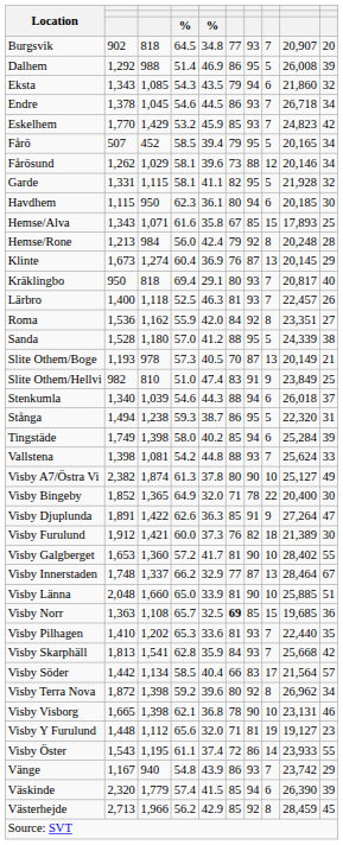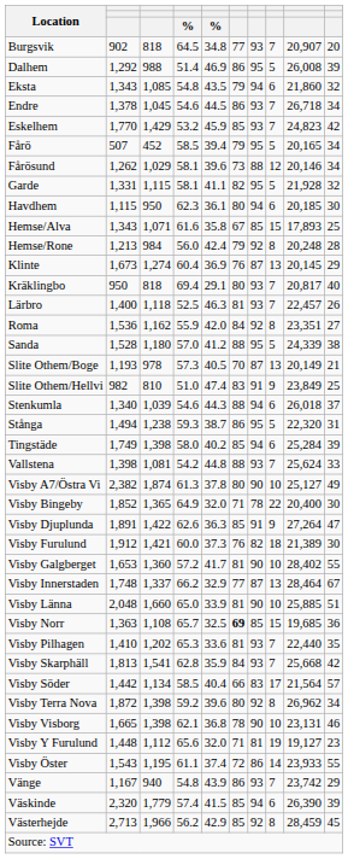 <table role="presentation" class="wikitable sortable mw-collapsible mw-collapsed">
 <tr>
 <th rowspan="3">Location</th>
 <th></th>
 <th></th>
 <th></th>
 <th></th>
 <th></th>
 <th></th>
 <th></th>
 <th></th>
 <th></th>
 </tr>
 <tr>
 <th></th>
 <th></th>
 <th style="background:"></th>
 <th style="background:"></th>
 <th></th>
 <th></th>
 <th></th>
 <th></th>
 <th></th>
 </tr>
 <tr>
 <th data-sort-type="number"></th>
 <th data-sort-type="number"></th>
 <th data-sort-type="number">%</th>
 <th data-sort-type="number">%</th>
 <th data-sort-type="number"></th>
 <th data-sort-type="number"></th>
 <th data-sort-type="number"></th>
 <th data-sort-type="number"></th>
 <th data-sort-type="number"></th>
 </tr>
 <tr>
 <td align="left">Burgsvik</td>
 <td>902</td>
 <td>818</td>
 <td>64.5</td>
 <td>34.8</td>
 <td>77</td>
 <td>93</td>
 <td>7</td>
 <td>20,907</td>
 <td>20</td>
 </tr>
 <tr>
 <td align="left">Dalhem</td>
 <td>1,292</td>
 <td>988</td>
 <td>51.4</td>
 <td>46.9</td>
 <td>86</td>
 <td>95</td>
 <td>5</td>
 <td>26,008</td>
 <td>39</td>
 </tr>
 <tr>
 <td align="left">Eksta</td>
 <td>1,343</td>
 <td>1,085</td>
-<td>54.3</td>
+<td>54.8</td>
 <td>43.5</td>
 <td>79</td>
 <td>94</td>
 <td>6</td>
 <td>21,860</td>
 <td>32</td>
 </tr>
 <tr>
 <td align="left">Endre</td>
 <td>1,378</td>
 <td>1,045</td>
 <td>54.6</td>
 <td>44.5</td>
 <td>86</td>
 <td>93</td>
 <td>7</td>
 <td>26,718</td>
 <td>34</td>
 </tr>
 <tr>
 <td align="left">Eskelhem</td>
 <td>1,770</td>
 <td>1,429</td>
 <td>53.2</td>
 <td>45.9</td>
 <td>85</td>
 <td>93</td>
 <td>7</td>
 <td>24,823</td>
 <td>42</td>
 </tr>
 <tr>
 <td align="left">Fårö</td>
 <td>507</td>
 <td>452</td>
 <td>58.5</td>
 <td>39.4</td>
 <td>79</td>
 <td>95</td>
 <td>5</td>
 <td>20,165</td>
 <td>34</td>
 </tr>
 <tr>
 <td align="left">Fårösund</td>
 <td>1,262</td>
 <td>1,029</td>
 <td>58.1</td>
 <td>39.6</td>
 <td>73</td>
 <td>88</td>
 <td>12</td>
 <td>20,146</td>
 <td>34</td>
 </tr>
 <tr>
 <td align="left">Garde</td>
 <td>1,331</td>
 <td>1,115</td>
 <td>58.1</td>
 <td>41.1</td>
 <td>82</td>
 <td>95</td>
 <td>5</td>
 <td>21,928</td>
 <td>32</td>
 </tr>
 <tr>
 <td align="left">Havdhem</td>
 <td>1,115</td>
 <td>950</td>
 <td>62.3</td>
 <td>36.1</td>
 <td>80</td>
 <td>94</td>
 <td>6</td>
 <td>20,185</td>
 <td>30</td>
 </tr>
 <tr>
 <td align="left">Hemse/Alva</td>
 <td>1,343</td>
 <td>1,071</td>
 <td>61.6</td>
 <td>35.8</td>
 <td>67</td>
 <td>85</td>
 <td>15</td>
 <td>17,893</td>
 <td>25</td>
 </tr>
 <tr>
 <td align="left">Hemse/Rone</td>
 <td>1,213</td>
 <td>984</td>
 <td>56.0</td>
 <td>42.4</td>
 <td>79</td>
 <td>92</td>
 <td>8</td>
 <td>20,248</td>
 <td>28</td>
 </tr>
 <tr>
 <td align="left">Klinte</td>
 <td>1,673</td>
 <td>1,274</td>
 <td>60.4</td>
 <td>36.9</td>
 <td>76</td>
 <td>87</td>
 <td>13</td>
 <td>20,145</td>
 <td>29</td>
 </tr>
 <tr>
 <td align="left">Kräklingbo</td>
 <td>950</td>
 <td>818</td>
 <td>69.4</td>
 <td>29.1</td>
 <td>80</td>
 <td>93</td>
 <td>7</td>
 <td>20,817</td>
 <td>40</td>
 </tr>
 <tr>
 <td align="left">Lärbro</td>
 <td>1,400</td>
 <td>1,118</td>
 <td>52.5</td>
 <td>46.3</td>
 <td>81</td>
 <td>93</td>
 <td>7</td>
 <td>22,457</td>
 <td>26</td>
 </tr>
 <tr>
 <td align="left">Roma</td>
 <td>1,536</td>
 <td>1,162</td>
 <td>55.9</td>
 <td>42.0</td>
 <td>84</td>
 <td>92</td>
 <td>8</td>
 <td>23,351</td>
 <td>27</td>
 </tr>
 <tr>
 <td align="left">Sanda</td>
 <td>1,528</td>
 <td>1,180</td>
 <td>57.0</td>
 <td>41.2</td>
 <td>88</td>
 <td>95</td>
 <td>5</td>
 <td>24,339</td>
 <td>38</td>
 </tr>
 <tr>
 <td align="left">Slite Othem/Boge</td>
 <td>1,193</td>
 <td>978</td>
 <td>57.3</td>
 <td>40.5</td>
 <td>70</td>
 <td>87</td>
 <td>13</td>
 <td>20,149</td>
 <td>21</td>
 </tr>
 <tr>
 <td align="left">Slite Othem/Hellvi</td>
 <td>982</td>
 <td>810</td>
 <td>51.0</td>
 <td>47.4</td>
 <td>83</td>
 <td>91</td>
 <td>9</td>
 <td>23,849</td>
 <td>25</td>
 </tr>
 <tr>
 <td align="left">Stenkumla</td>
 <td>1,340</td>
 <td>1,039</td>
 <td>54.6</td>
 <td>44.3</td>
 <td>88</td>
 <td>94</td>
 <td>6</td>
 <td>26,018</td>
 <td>37</td>
 </tr>
 <tr>
 <td align="left">Stånga</td>
 <td>1,494</td>
 <td>1,238</td>
 <td>59.3</td>
 <td>38.7</td>
 <td>86</td>
 <td>95</td>
 <td>5</td>
 <td>22,320</td>
 <td>31</td>
 </tr>
 <tr>
 <td align="left">Tingstäde</td>
 <td>1,749</td>
 <td>1,398</td>
 <td>58.0</td>
 <td>40.2</td>
 <td>85</td>
 <td>94</td>
 <td>6</td>
 <td>25,284</td>
 <td>39</td>
 </tr>
 <tr>
 <td align="left">Vallstena</td>
 <td>1,398</td>
 <td>1,081</td>
 <td>54.2</td>
 <td>44.8</td>
 <td>88</td>
 <td>93</td>
 <td>7</td>
 <td>25,624</td>
 <td>33</td>
 </tr>
 <tr>
 <td align="left">Visby A7/Östra Vi</td>
 <td>2,382</td>
 <td>1,874</td>
 <td>61.3</td>
 <td>37.8</td>
 <td>80</td>
 <td>90</td>
 <td>10</td>
 <td>25,127</td>
 <td>49</td>
 </tr>
 <tr>
 <td align="left">Visby Bingeby</td>
 <td>1,852</td>
 <td>1,365</td>
 <td>64.9</td>
 <td>32.0</td>
 <td>71</td>
 <td>78</td>
 <td>22</td>
 <td>20,400</td>
 <td>30</td>
 </tr>
 <tr>
 <td align="left">Visby Djuplunda</td>
 <td>1,891</td>
 <td>1,422</td>
 <td>62.6</td>
 <td>36.3</td>
 <td>85</td>
 <td>91</td>
 <td>9</td>
 <td>27,264</td>
 <td>47</td>
 </tr>
 <tr>
 <td align="left">Visby Furulund</td>
 <td>1,912</td>
 <td>1,421</td>
 <td>60.0</td>
 <td>37.3</td>
 <td>76</td>
 <td>82</td>
 <td>18</td>
 <td>21,389</td>
 <td>30</td>
 </tr>
 <tr>
 <td align="left">Visby Galgberget</td>
 <td>1,653</td>
 <td>1,360</td>
 <td>57.2</td>
 <td>41.7</td>
 <td>81</td>
 <td>90</td>
 <td>10</td>
 <td>28,402</td>
 <td>55</td>
 </tr>
 <tr>
 <td align="left">Visby Innerstaden</td>
 <td>1,748</td>
 <td>1,337</td>
 <td>66.2</td>
 <td>32.9</td>
 <td>77</td>
 <td>87</td>
 <td>13</td>
 <td>28,464</td>
 <td>67</td>
 </tr>
 <tr>
 <td align="left">Visby Länna</td>
 <td>2,048</td>
 <td>1,660</td>
 <td>65.0</td>
 <td>33.9</td>
 <td>81</td>
 <td>90</td>
 <td>10</td>
 <td>25,885</td>
 <td>51</td>
 </tr>
 <tr>
 <td align="left">Visby Norr</td>
 <td>1,363</td>
 <td>1,108</td>
 <td>65.7</td>
 <td>32.5</td>
 <td><strong>69</strong></td>
 <td>85</td>
 <td>15</td>
 <td>19,685</td>
 <td>36</td>
 </tr>
 <tr>
 <td align="left">Visby Pilhagen</td>
 <td>1,410</td>
 <td>1,202</td>
 <td>65.3</td>
 <td>33.6</td>
 <td>81</td>
 <td>93</td>
 <td>7</td>
 <td>22,440</td>
 <td>35</td>
 </tr>
 <tr>
 <td align="left">Visby Skarphäll</td>
 <td>1,813</td>
 <td>1,541</td>
 <td>62.8</td>
 <td>35.9</td>
 <td>84</td>
 <td>93</td>
 <td>7</td>
 <td>25,668</td>
 <td>42</td>
 </tr>
 <tr>
 <td align="left">Visby Söder</td>
 <td>1,442</td>
 <td>1,134</td>
 <td>58.5</td>
 <td>40.4</td>
 <td>66</td>
 <td>83</td>
 <td>17</td>
 <td>21,564</td>
 <td>57</td>
 </tr>
 <tr>
 <td align="left">Visby Terra Nova</td>
 <td>1,872</td>
 <td>1,398</td>
 <td>59.2</td>
 <td>39.6</td>
 <td>80</td>
 <td>92</td>
 <td>8</td>
 <td>26,962</td>
 <td>34</td>
 </tr>
 <tr>
 <td align="left">Visby Visborg</td>
 <td>1,665</td>
 <td>1,398</td>
 <td>62.1</td>
 <td>36.8</td>
 <td>78</td>
 <td>90</td>
 <td>10</td>
 <td>23,131</td>
 <td>46</td>
 </tr>
 <tr>
 <td align="left">Visby Y Furulund</td>
 <td>1,448</td>
 <td>1,112</td>
 <td>65.6</td>
 <td>32.0</td>
 <td>71</td>
 <td>81</td>
 <td>19</td>
 <td>19,127</td>
 <td>23</td>
 </tr>
 <tr>
 <td align="left">Visby Öster</td>
 <td>1,543</td>
 <td>1,195</td>
 <td>61.1</td>
 <td>37.4</td>
 <td>72</td>
 <td>86</td>
 <td>14</td>
 <td>23,933</td>
 <td>55</td>
 </tr>
 <tr>
 <td align="left">Vänge</td>
 <td>1,167</td>
 <td>940</td>
 <td>54.8</td>
 <td>43.9</td>
 <td>86</td>
 <td>93</td>
 <td>7</td>
 <td>23,742</td>
 <td>29</td>
 </tr>
 <tr>
 <td align="left">Väskinde</td>
 <td>2,320</td>
 <td>1,779</td>
 <td>57.4</td>
 <td>41.5</td>
 <td>85</td>
 <td>94</td>
 <td>6</td>
 <td>26,390</td>
 <td>39</td>
 </tr>
 <tr>
 <td align="left">Västerhejde</td>
 <td>2,713</td>
 <td>1,966</td>
 <td>56.2</td>
 <td>42.9</td>
 <td>85</td>
 <td>92</td>
 <td>8</td>
 <td>28,459</td>
 <td>45</td>
 </tr>
 <tr>
 <td colspan="10" align="left">Source: <a href='#'>SVT</a></td>
 </tr>
 </table>
